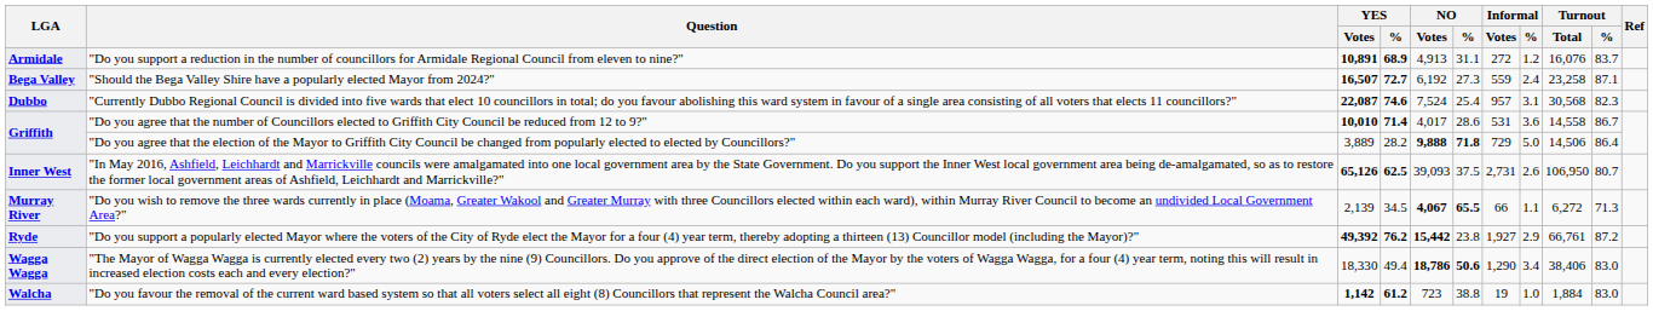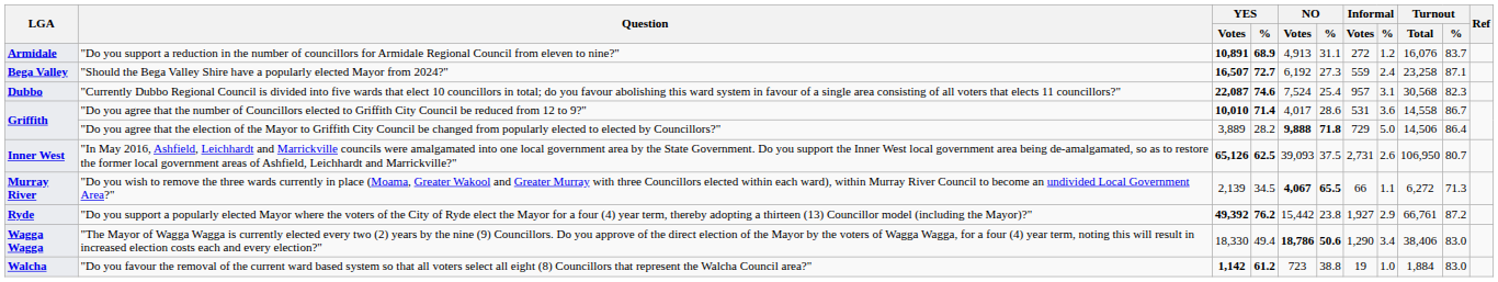 <table class="wikitable sortable">
 <tr>
 <th rowspan="2" style="text-align:center;">LGA</th>
 <th rowspan="2" style="text-align:center;">Question</th>
 <th colspan="2" align="center">YES</th>
 <th colspan="2" align="center">NO</th>
 <th colspan="2" align="center">Informal</th>
 <th colspan="2" align="center">Turnout</th>
 <th rowspan="2" style="text-align:center;" class=unsortable>Ref</th>
 </tr>
 <tr>
 <th align="center">Votes</th>
 <th align="center">%</th>
 <th align="center">Votes</th>
 <th align="center">%</th>
 <th align="center">Votes</th>
 <th align="center">%</th>
 <th align="center">Total</th>
 <th align="center">%</th>
 </tr>
 <tr>
 <td align="left"; style=background:#EAECF0><strong><a href='#'>Armidale</a></strong></td>
 <td>"Do you support a reduction in the number of councillors for Armidale Regional Council from eleven to nine?"</td>
 <td style="text-align:center;"><strong>10,891</strong></td>
 <td> <strong>68.9</strong></td>
 <td style="text-align:center;">4,913</td>
 <td>31.1</td>
 <td style="text-align:center;">272</td>
 <td align="center">1.2</td>
 <td style="text-align:center;">16,076</td>
 <td align="center">83.7</td>
 <td align="center"></td>
 </tr>
 <tr>
 <td align="left"; style=background:#EAECF0><strong><a href='#'>Bega Valley</a></strong></td>
 <td>"Should the Bega Valley Shire have a popularly elected Mayor from 2024?"</td>
 <td style="text-align:center;"><strong>16,507</strong></td>
 <td> <strong>72.7</strong></td>
 <td style="text-align:center;">6,192</td>
 <td>27.3</td>
 <td style="text-align:center;">559</td>
 <td align="center">2.4</td>
 <td style="text-align:center;">23,258</td>
 <td align="center">87.1</td>
 <td align="center"></td>
 </tr>
 <tr>
 <td align="left"; style=background:#EAECF0><strong><a href='#'>Dubbo</a></strong></td>
 <td>"Currently Dubbo Regional Council is divided into five wards that elect 10 councillors in total; do you favour abolishing this ward system in favour of a single area consisting of all voters that elects 11 councillors?"</td>
 <td style="text-align:center;"><strong>22,087</strong></td>
 <td> <strong>74.6</strong></td>
 <td style="text-align:center;">7,524</td>
 <td>25.4</td>
 <td style="text-align:center;">957</td>
 <td align="center">3.1</td>
 <td style="text-align:center;">30,568</td>
 <td align="center">82.3</td>
 <td align="center"></td>
 </tr>
 <tr>
 <td rowspan="2"; align="left"; style=background:#EAECF0><strong><a href='#'>Griffith</a></strong></td>
 <td>"Do you agree that the number of Councillors elected to Griffith City Council be reduced from 12 to 9?"</td>
 <td style="text-align:center;"><strong>10,010</strong></td>
 <td> <strong>71.4</strong></td>
 <td style="text-align:center;">4,017</td>
 <td>28.6</td>
 <td style="text-align:center;">531</td>
 <td align="center">3.6</td>
 <td style="text-align:center;">14,558</td>
 <td align="center">86.7</td>
 <td rowspan="2"; align="center"></td>
 </tr>
 <tr>
 <td>"Do you agree that the election of the Mayor to Griffith City Council be changed from popularly elected to elected by Councillors?"</td>
 <td style="text-align:center;">3,889</td>
 <td>28.2</td>
 <td style="text-align:center;"><strong>9,888</strong></td>
 <td> <strong>71.8</strong></td>
 <td style="text-align:center;">729</td>
 <td align="center">5.0</td>
 <td style="text-align:center;">14,506</td>
 <td align="center">86.4</td>
 </tr>
 <tr>
 <td align="left"; style=background:#EAECF0><strong><a href='#'>Inner West</a></strong> <br> </td>
 <td>"In May 2016, <a href='#'>Ashfield</a>, <a href='#'>Leichhardt</a> and <a href='#'>Marrickville</a> councils were amalgamated into one local government area by the State Government. Do you support the Inner West local government area being de-amalgamated, so as to restore the former local government areas of Ashfield, Leichhardt and Marrickville?"</td>
 <td style="text-align:center;"><strong>65,126</strong></td>
 <td> <strong>62.5</strong></td>
 <td style="text-align:center;">39,093</td>
 <td>37.5</td>
 <td style="text-align:center;">2,731</td>
 <td align="center">2.6</td>
 <td style="text-align:center;">106,950</td>
 <td align="center">80.7</td>
 <td align="center"></td>
 </tr>
 <tr>
 <td align="left"; style=background:#EAECF0><strong><a href='#'>Murray River</a></strong></td>
 <td>"Do you wish to remove the three wards currently in place (<a href='#'>Moama</a>, <a href='#'>Greater Wakool</a> and <a href='#'>Greater Murray</a> with three Councillors elected within each ward), within Murray River Council to become an <a href='#'>undivided Local Government Area</a>?"</td>
 <td style="text-align:center;">2,139</td>
 <td>34.5</td>
 <td style="text-align:center;"><strong>4,067</strong></td>
 <td> <strong>65.5</strong></td>
 <td style="text-align:center;">66</td>
 <td align="center">1.1</td>
 <td style="text-align:center;">6,272</td>
 <td align="center">71.3</td>
 <td align="center"></td>
 </tr>
 <tr>
 <td align="left"; style=background:#EAECF0><strong><a href='#'>Ryde</a></strong></td>
 <td>"Do you support a popularly elected Mayor where the voters of the City of Ryde elect the Mayor for a four (4) year term, thereby adopting a thirteen (13) Councillor model (including the Mayor)?"</td>
 <td style="text-align:center;"><strong>49,392</strong></td>
 <td> <strong>76.2</strong></td>
-<td style="text-align:center;"><strong>15,442</strong></td>
+<td style="text-align:center;">15,442</td>
 <td>23.8</td>
 <td style="text-align:center;">1,927</td>
 <td align="center">2.9</td>
 <td style="text-align:center;">66,761</td>
 <td align="center">87.2</td>
 <td align="center"></td>
 </tr>
 <tr>
 <td align="left"; style=background:#EAECF0><strong><a href='#'>Wagga Wagga</a></strong></td>
 <td>"The Mayor of Wagga Wagga is currently elected every two (2) years by the nine (9) Councillors. Do you approve of the direct election of the Mayor by the voters of Wagga Wagga, for a four (4) year term, noting this will result in increased election costs each and every election?"</td>
 <td style="text-align:center;">18,330</td>
 <td>49.4</td>
 <td style="text-align:center;"><strong>18,786</strong></td>
 <td> <strong>50.6</strong></td>
 <td style="text-align:center;">1,290</td>
 <td align="center">3.4</td>
 <td style="text-align:center;">38,406</td>
 <td align="center">83.0</td>
 <td align="center"></td>
 </tr>
 <tr>
 <td align="left"; style=background:#EAECF0><strong><a href='#'>Walcha</a></strong></td>
 <td>"Do you favour the removal of the current ward based system so that all voters select all eight (8) Councillors that represent the Walcha Council area?"</td>
 <td style="text-align:center;"><strong>1,142</strong></td>
 <td> <strong>61.2</strong></td>
 <td style="text-align:center;">723</td>
 <td>38.8</td>
 <td style="text-align:center;">19</td>
 <td align="center">1.0</td>
 <td style="text-align:center;">1,884</td>
 <td align="center">83.0</td>
 <td align="center"></td>
 </tr>
 </table>
